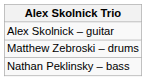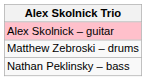 <table class="wikitable">
 <tr>
 <th>Alex Skolnick Trio</th>
 </tr>
 <tr>
-<td>Alex Skolnick – guitar</td>
+<td style="background: pink;">Alex Skolnick – guitar</td>
 </tr>
 <tr>
 <td>Matthew Zebroski – drums</td>
 </tr>
 <tr>
 <td>Nathan Peklinsky – bass</td>
 </tr>
 </table>
